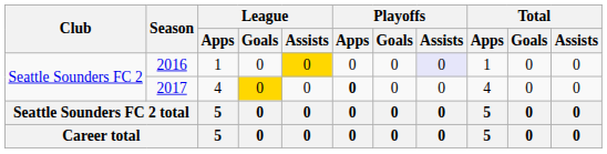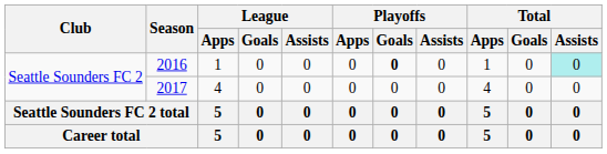 <table class="wikitable" style="text-align:center;">
 <tr>
 <th rowspan="2">Club</th>
 <th rowspan="2">Season</th>
 <th colspan="3">League</th>
 <th colspan="3">Playoffs</th>
 <th colspan="3">Total</th>
 </tr>
 <tr>
 <th>Apps</th>
 <th>Goals</th>
 <th>Assists</th>
 <th>Apps</th>
 <th>Goals</th>
 <th>Assists</th>
 <th>Apps</th>
 <th>Goals</th>
 <th>Assists</th>
 </tr>
 <tr>
 <td rowspan="2"><a href='#'>Seattle Sounders FC 2</a></td>
 <td><a href='#'>2016</a></td>
 <td>1</td>
 <td>0</td>
-<td style="background: gold;">0</td>
 <td>0</td>
 <td>0</td>
-<td style="background: lavender;">0</td>
+<td><strong>0</strong></td>
+<td>0</td>
 <td>1</td>
 <td>0</td>
-<td>0</td>
+<td style="background: paleturquoise;">0</td>
 </tr>
 <tr>
 <td><a href='#'>2017</a></td>
 <td>4</td>
-<td style="background: gold;">0</td>
 <td>0</td>
-<td><strong>0</strong></td>
+<td>0</td>
+<td>0</td>
 <td>0</td>
 <td>0</td>
 <td>4</td>
 <td>0</td>
 <td>0</td>
 </tr>
 <tr>
 <th colspan="2">Seattle Sounders FC 2 total</th>
 <th>5</th>
 <th>0</th>
 <th>0</th>
 <th>0</th>
 <th>0</th>
 <th>0</th>
 <th>5</th>
 <th>0</th>
 <th>0</th>
 </tr>
 <tr>
 <th colspan="2">Career total</th>
 <th>5</th>
 <th>0</th>
 <th>0</th>
 <th>0</th>
 <th>0</th>
 <th>0</th>
 <th>5</th>
 <th>0</th>
 <th>0</th>
 </tr>
 </table>
